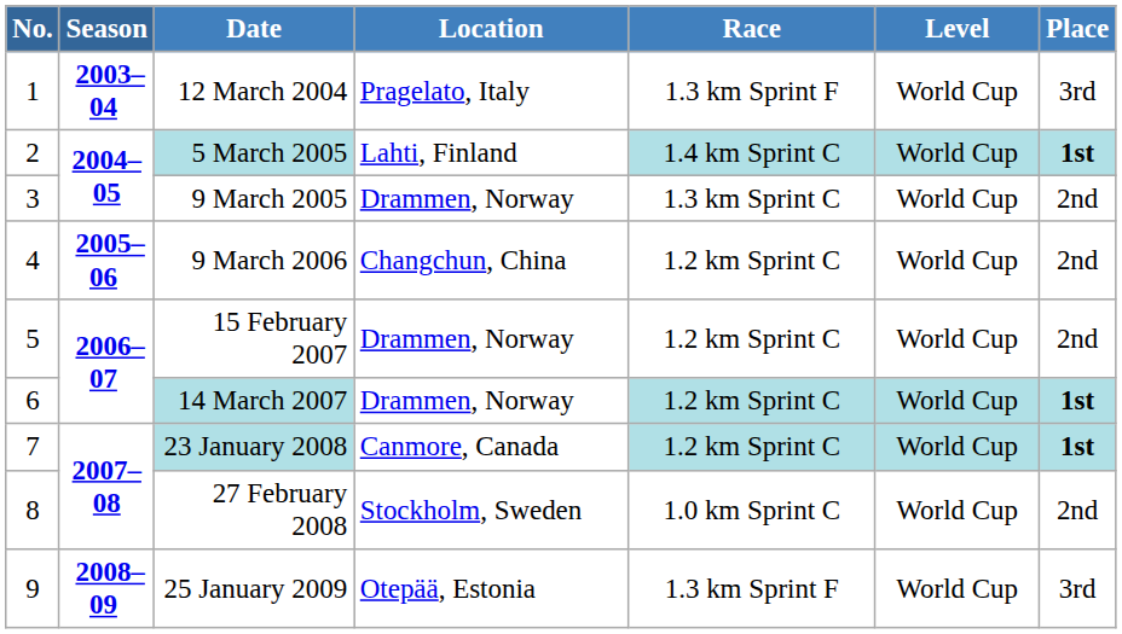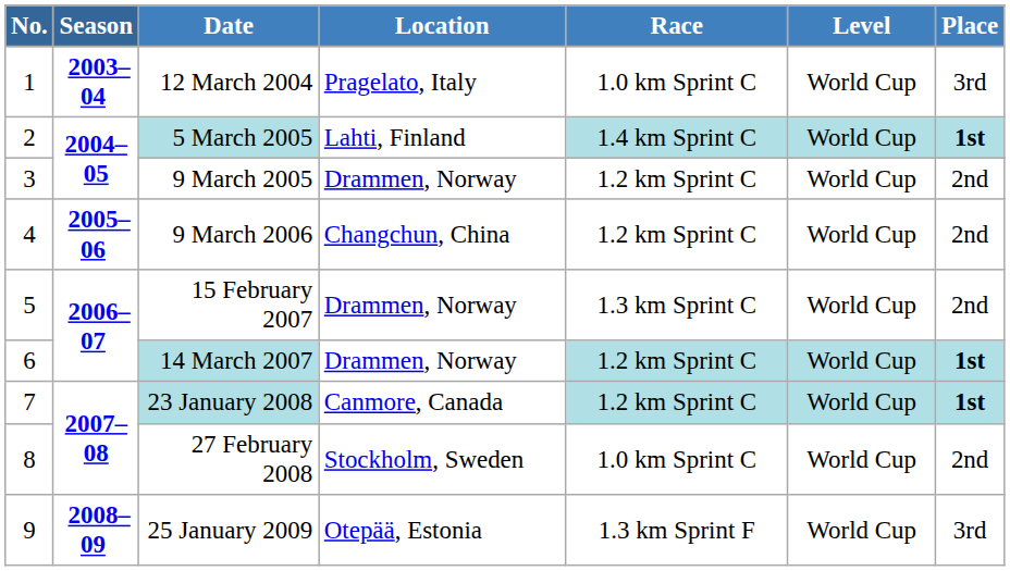 <table class="wikitable sortable" style="font-size:95%; text-align:center; border:grey solid 1px; border-collapse:collapse; background:#ffffff;">
 <tr style="background:#efefef;">
 <th style="background-color:#369; color:white;">No.</th>
 <th style="background-color:#369; color:white;">Season</th>
 <th style="background-color:#4180be; color:white; width:120px;">Date</th>
 <th style="background-color:#4180be; color:white; width:170px;">Location</th>
 <th style="background-color:#4180be; color:white; width:160px;">Race</th>
 <th style="background-color:#4180be; color:white; width:100px;">Level</th>
 <th style="background-color:#4180be; color:white;">Place</th>
 </tr>
 <tr>
 <td align=center>1</td>
 <td rowspan=1 align=center><strong> <a href='#'>2003–04</a> </strong></td>
 <td align=right>12 March 2004</td>
 <td align=left> <a href='#'>Pragelato</a>, Italy</td>
-<td>1.3 km Sprint F</td>
+<td>1.0 km Sprint C</td>
 <td>World Cup</td>
 <td>3rd</td>
 </tr>
 <tr>
 <td align=center>2</td>
 <td rowspan=2 align=center><strong><a href='#'>2004–05</a></strong></td>
 <td bgcolor="#BOEOE6" align=right>5 March 2005</td>
 <td align=left> <a href='#'>Lahti</a>, Finland</td>
 <td bgcolor="#BOEOE6">1.4 km Sprint C</td>
 <td bgcolor="#BOEOE6">World Cup</td>
 <td bgcolor="#BOEOE6"><strong>1st</strong></td>
 </tr>
 <tr>
 <td align=center>3</td>
 <td align=right>9 March 2005</td>
 <td align=left> <a href='#'>Drammen</a>, Norway</td>
-<td>1.3 km Sprint C</td>
+<td>1.2 km Sprint C</td>
 <td>World Cup</td>
 <td>2nd</td>
 </tr>
 <tr>
 <td align=center>4</td>
 <td rowspan=1 align=center><strong> <a href='#'>2005–06</a> </strong></td>
 <td align=right>9 March 2006</td>
 <td align=left> <a href='#'>Changchun</a>, China</td>
 <td>1.2 km Sprint C</td>
 <td>World Cup</td>
 <td>2nd</td>
 </tr>
 <tr>
 <td align=center>5</td>
 <td rowspan=2 align=center><strong> <a href='#'>2006–07</a> </strong></td>
 <td align=right>15 February 2007</td>
 <td align=left> <a href='#'>Drammen</a>, Norway</td>
-<td>1.2 km Sprint C</td>
+<td>1.3 km Sprint C</td>
 <td>World Cup</td>
 <td>2nd</td>
 </tr>
 <tr>
 <td align=center>6</td>
 <td bgcolor="#BOEOE6" align=right>14 March 2007</td>
 <td align=left> <a href='#'>Drammen</a>, Norway</td>
 <td bgcolor="#BOEOE6">1.2 km Sprint C</td>
 <td bgcolor="#BOEOE6">World Cup</td>
 <td bgcolor="#BOEOE6"><strong>1st</strong></td>
 </tr>
 <tr>
 <td align=center>7</td>
 <td rowspan=2 align=center><strong><a href='#'>2007–08</a></strong></td>
 <td bgcolor="#BOEOE6" align=right>23 January 2008</td>
 <td align=left> <a href='#'>Canmore</a>, Canada</td>
 <td bgcolor="#BOEOE6">1.2 km Sprint C</td>
 <td bgcolor="#BOEOE6">World Cup</td>
 <td bgcolor="#BOEOE6"><strong>1st</strong></td>
 </tr>
 <tr>
 <td align=center>8</td>
 <td align=right>27 February 2008</td>
 <td align=left> <a href='#'>Stockholm</a>, Sweden</td>
 <td>1.0 km Sprint C</td>
 <td>World Cup</td>
 <td>2nd</td>
 </tr>
 <tr>
 <td align=center>9</td>
 <td rowspan=1 align=center><strong> <a href='#'>2008–09</a> </strong></td>
 <td align=right>25 January 2009</td>
 <td align=left> <a href='#'>Otepää</a>, Estonia</td>
 <td>1.3 km Sprint F</td>
 <td>World Cup</td>
 <td>3rd</td>
 </tr>
 </table>
